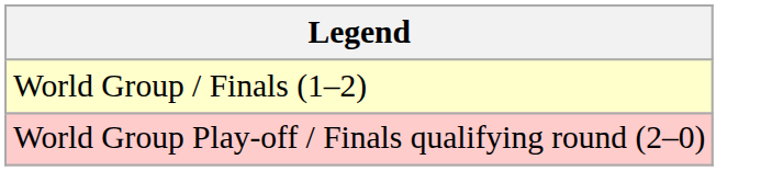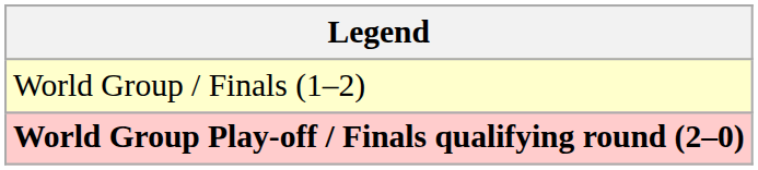 <table class="wikitable" style="font-size:90%">
 <tr>
 <th>Legend</th>
 </tr>
 <tr bgcolor="ffffcc">
 <td>World Group / Finals (1–2)</td>
 </tr>
 <tr bgcolor="ffcccc">
-<td>World Group Play-off / Finals qualifying round (2–0)</td>
+<td><strong>World Group Play-off / Finals qualifying round (2–0)</strong></td>
 </tr>
 </table>
